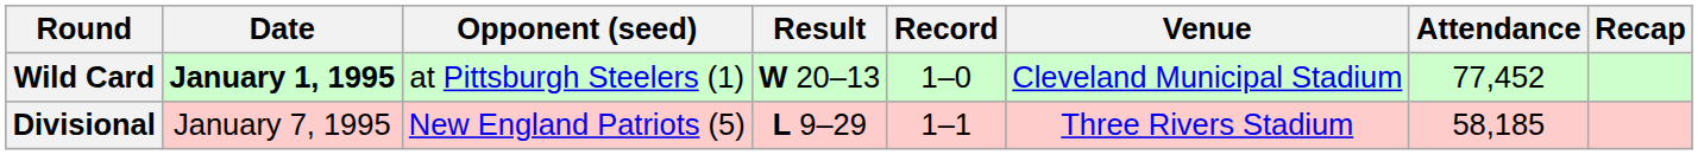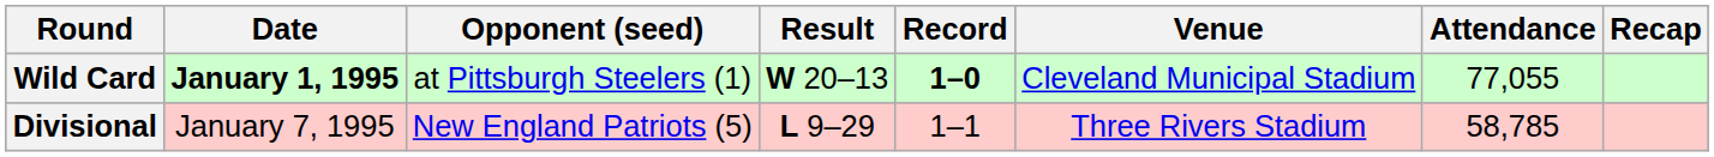 <table class="wikitable" style="text-align:center">
 <tr>
 <th>Round</th>
 <th>Date</th>
 <th>Opponent (seed)</th>
 <th>Result</th>
 <th>Record</th>
 <th>Venue</th>
 <th>Attendance</th>
 <th>Recap</th>
 </tr>
 <tr style="background:#cfc">
 <th>Wild Card</th>
 <td><strong>January 1, 1995</strong></td>
 <td>at <a href='#'>Pittsburgh Steelers</a> (1)</td>
 <td><strong>W</strong> 20–13</td>
-<td>1–0</td>
+<td><strong>1–0</strong></td>
 <td><a href='#'>Cleveland Municipal Stadium</a></td>
-<td>77,452</td>
+<td>77,055</td>
 <td></td>
 </tr>
 <tr style="background:#fcc">
 <th>Divisional</th>
 <td>January 7, 1995</td>
 <td><a href='#'>New England Patriots</a> (5)</td>
 <td><strong>L</strong> 9–29</td>
 <td>1–1</td>
 <td><a href='#'>Three Rivers Stadium</a></td>
-<td>58,185</td>
+<td>58,785</td>
 <td></td>
 </tr>
 </table>
